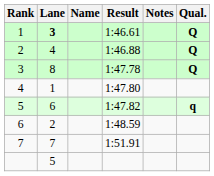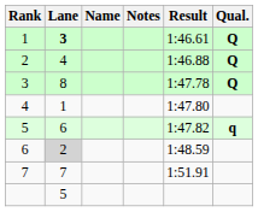 <table class="wikitable sortable" style="text-align:center">
 <tr>
 <th>Rank</th>
 <th>Lane</th>
 <th>Name</th>
+<th>Notes</th>
 <th>Result</th>
-<th>Notes</th>
 <th>Qual.</th>
 </tr>
 <tr bgcolor=ccffcc>
 <td>1</td>
 <td><strong>3</strong></td>
 <td align="left"></td>
+<td></td>
 <td>1:46.61</td>
-<td></td>
 <td><strong>Q</strong></td>
 </tr>
 <tr bgcolor=ccffcc>
 <td>2</td>
 <td>4</td>
 <td align="left"></td>
+<td></td>
 <td>1:46.88</td>
-<td></td>
 <td><strong>Q</strong></td>
 </tr>
 <tr bgcolor=ccffcc>
 <td>3</td>
 <td>8</td>
 <td align="left"></td>
+<td></td>
 <td>1:47.78</td>
-<td></td>
 <td><strong>Q</strong></td>
 </tr>
 <tr>
 <td>4</td>
 <td>1</td>
 <td align="left"></td>
+<td></td>
 <td>1:47.80</td>
-<td></td>
 <td></td>
 </tr>
 <tr bgcolor=ddffdd>
 <td>5</td>
 <td>6</td>
 <td align="left"></td>
+<td></td>
 <td>1:47.82</td>
-<td></td>
 <td><strong>q</strong></td>
 </tr>
 <tr>
 <td>6</td>
-<td>2</td>
+<td style="background: lightgrey;">2</td>
 <td align="left"></td>
+<td></td>
 <td>1:48.59</td>
-<td></td>
 <td></td>
 </tr>
 <tr>
 <td>7</td>
 <td>7</td>
 <td align="left"></td>
+<td></td>
 <td>1:51.91</td>
-<td></td>
 <td></td>
 </tr>
 <tr>
 <td></td>
 <td>5</td>
 <td align="left"></td>
 <td></td>
 <td></td>
 <td></td>
 </tr>
 </table>
